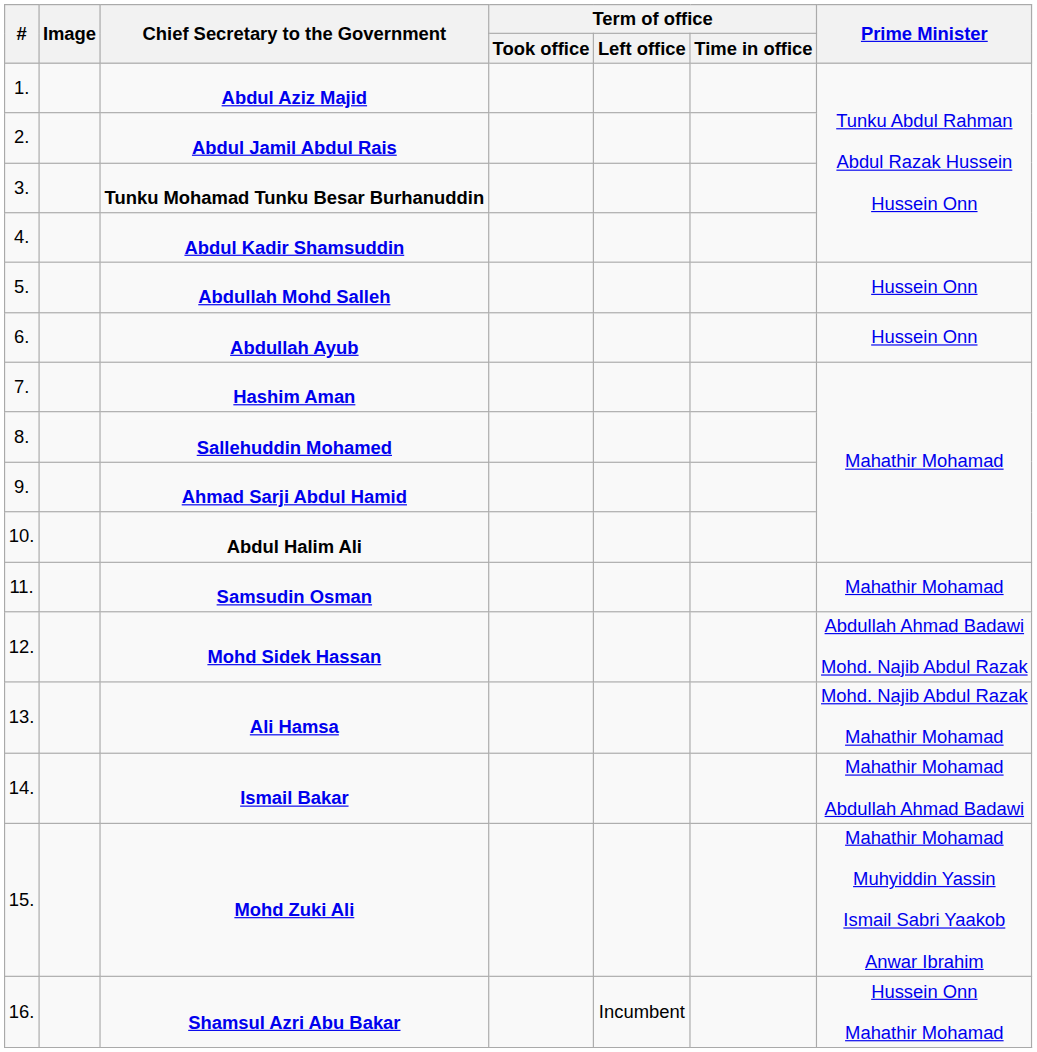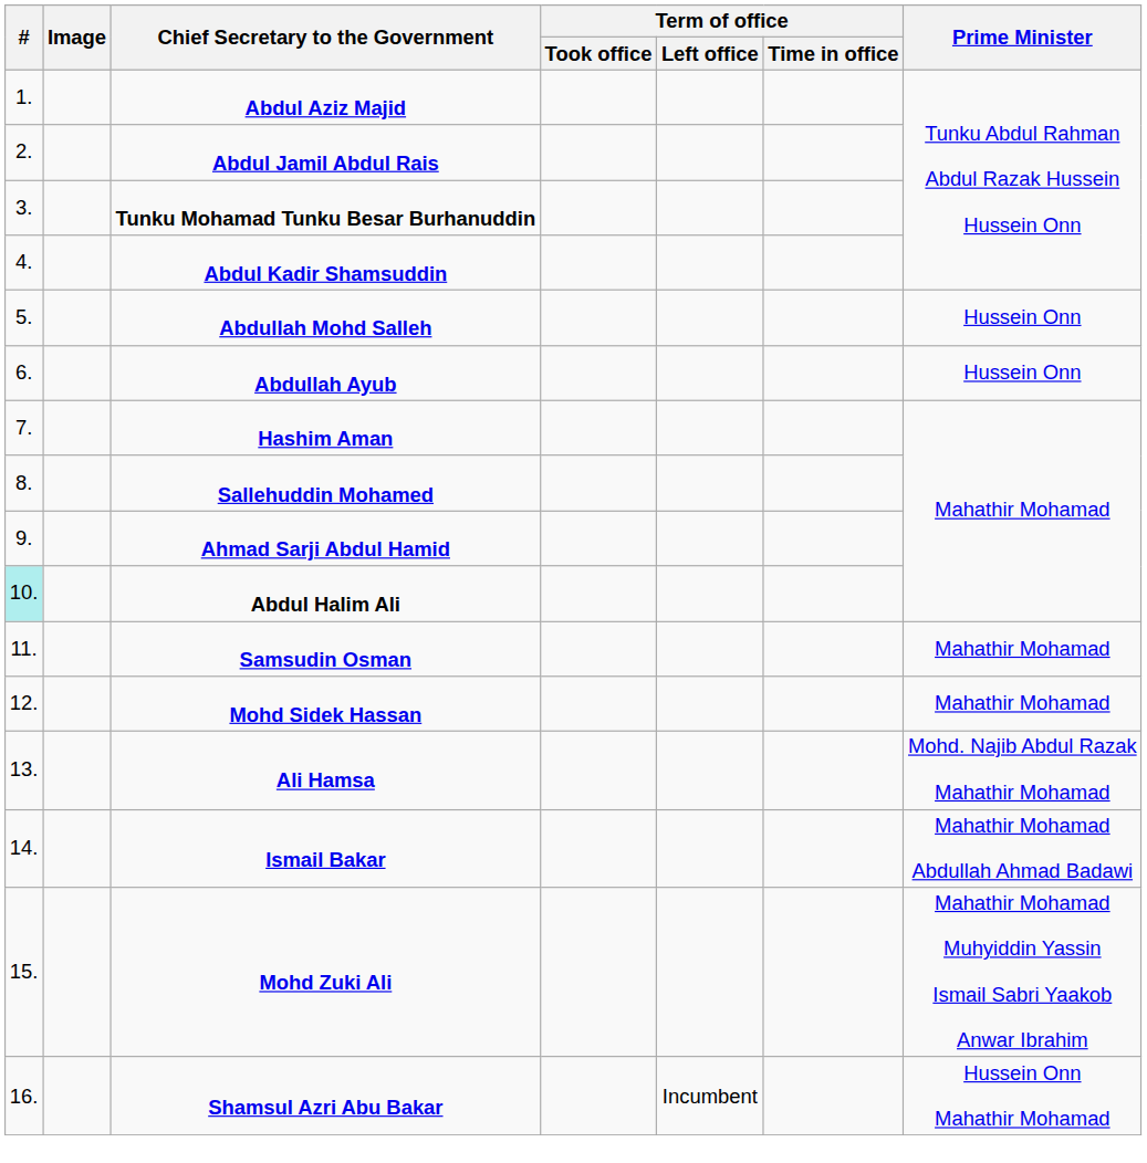 <table class="wikitable" style="text-align:center;">
 <tr style="background:#cccccc">
 <th rowspan=2>#</th>
 <th rowspan=2>Image</th>
 <th rowspan=2>Chief Secretary to the Government</th>
 <th colspan=3>Term of office</th>
 <th rowspan=2><a href='#'>Prime Minister</a></th>
 </tr>
 <tr>
 <th>Took office</th>
 <th>Left office</th>
 <th>Time in office</th>
 </tr>
 <tr>
 <td>1.</td>
 <td></td>
 <td><br><strong><a href='#'>Abdul Aziz Majid</a></strong><br></td>
 <td></td>
 <td></td>
 <td></td>
 <td rowspan=4><a href='#'>Tunku Abdul Rahman</a> <br>  <br> <a href='#'>Abdul Razak Hussein</a> <br>  <br> <a href='#'>Hussein Onn</a> <br> </td>
 </tr>
 <tr>
 <td>2.</td>
 <td></td>
 <td><br><strong><a href='#'>Abdul Jamil Abdul Rais</a></strong><br></td>
 <td></td>
 <td></td>
 <td></td>
 </tr>
 <tr>
 <td>3.</td>
 <td></td>
 <td><br><strong>Tunku Mohamad Tunku Besar Burhanuddin</strong><br></td>
 <td></td>
 <td></td>
 <td></td>
 </tr>
 <tr>
 <td>4.</td>
 <td></td>
 <td><br><strong><a href='#'>Abdul Kadir Shamsuddin</a></strong><br></td>
 <td></td>
 <td></td>
 <td></td>
 </tr>
 <tr>
 <td>5.</td>
 <td></td>
 <td><br><strong><a href='#'>Abdullah Mohd Salleh</a></strong><br></td>
 <td></td>
 <td></td>
 <td></td>
 <td><a href='#'>Hussein Onn</a> <br> </td>
 </tr>
 <tr>
 <td>6.</td>
 <td></td>
 <td><br><strong><a href='#'>Abdullah Ayub</a></strong><br></td>
 <td></td>
 <td></td>
 <td></td>
 <td><a href='#'>Hussein Onn</a> <br> </td>
 </tr>
 <tr>
 <td>7.</td>
 <td></td>
 <td><br><strong><a href='#'>Hashim Aman</a></strong><br></td>
 <td></td>
 <td></td>
 <td></td>
 <td rowspan=4><a href='#'>Mahathir Mohamad</a> <br> </td>
 </tr>
 <tr>
 <td>8.</td>
 <td></td>
 <td><br><strong><a href='#'>Sallehuddin Mohamed</a></strong><br></td>
 <td></td>
 <td></td>
 <td></td>
 </tr>
 <tr>
 <td>9.</td>
 <td></td>
 <td><br><strong><a href='#'>Ahmad Sarji Abdul Hamid</a></strong><br></td>
 <td></td>
 <td></td>
 <td></td>
 </tr>
 <tr>
-<td>10.</td>
+<td style="background: paleturquoise;">10.</td>
 <td></td>
 <td><br><strong>Abdul Halim Ali</strong><br></td>
 <td></td>
 <td></td>
 <td></td>
 </tr>
 <tr>
 <td>11.</td>
 <td></td>
 <td><br><strong><a href='#'>Samsudin Osman</a></strong><br></td>
 <td></td>
 <td></td>
 <td></td>
 <td><a href='#'>Mahathir Mohamad</a> <br> </td>
 </tr>
 <tr>
 <td>12.</td>
 <td></td>
 <td><br><strong><a href='#'>Mohd Sidek Hassan</a></strong><br></td>
 <td></td>
 <td></td>
 <td></td>
-<td><a href='#'>Abdullah Ahmad Badawi</a> <br>  <br> <a href='#'>Mohd. Najib Abdul Razak</a> <br> </td>
+<td><a href='#'>Mahathir Mohamad</a> <br> </td>
 </tr>
 <tr>
 <td>13.</td>
 <td></td>
 <td><br><strong><a href='#'>Ali Hamsa</a></strong><br></td>
 <td></td>
 <td></td>
 <td></td>
 <td><a href='#'>Mohd. Najib Abdul Razak</a> <br>  <br> <a href='#'>Mahathir Mohamad</a> <br> </td>
 </tr>
 <tr>
 <td>14.</td>
 <td></td>
 <td><br><strong><a href='#'>Ismail Bakar</a></strong><br></td>
 <td></td>
 <td></td>
 <td></td>
 <td><a href='#'>Mahathir Mohamad</a> <br>  <br> <a href='#'>Abdullah Ahmad Badawi</a> <br> </td>
 </tr>
 <tr>
 <td>15.</td>
 <td></td>
 <td><br><strong><a href='#'>Mohd Zuki Ali</a></strong><br></td>
 <td></td>
 <td></td>
 <td></td>
 <td><a href='#'>Mahathir Mohamad</a> <br>  <br> <a href='#'>Muhyiddin Yassin</a> <br>  <br> <a href='#'>Ismail Sabri Yaakob</a> <br>  <br> <a href='#'>Anwar Ibrahim</a> <br> </td>
 </tr>
 <tr>
 <td>16.</td>
 <td></td>
 <td><br><strong><a href='#'>Shamsul Azri Abu Bakar</a></strong><br></td>
 <td></td>
 <td>Incumbent</td>
 <td></td>
 <td><a href='#'>Hussein Onn</a> <br>  <br> <a href='#'>Mahathir Mohamad</a> <br> </td>
 </tr>
 <tr>
 </tr>
 </table>
